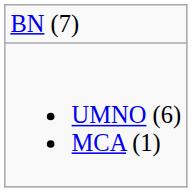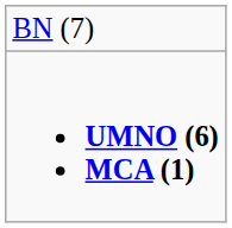 <table class="wikitable">
 <tr>
 <td> <a href='#'>BN</a> (7)</td>
 </tr>
 <tr>
-<td><br><ul><li> <a href='#'>UMNO</a> (6)</li><li> <a href='#'>MCA</a> (1)</li></ul></td>
+<td><strong><br><ul><li> <a href='#'>UMNO</a> (6)</li><li> <a href='#'>MCA</a> (1)</li></ul></strong></td>
 </tr>
 </table>
